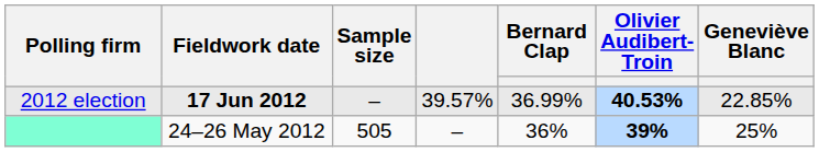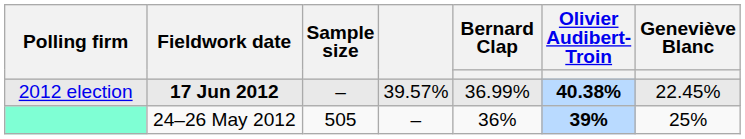 <table class="wikitable sortable" style="text-align:center;font-size:90%;line-height:14px;">
 <tr style="height:40px;">
 <th style="width:100px;" rowspan="2">Polling firm</th>
 <th style="width:110px;" rowspan="2">Fieldwork date</th>
 <th style="width:35px;" rowspan="2">Sample<br>size</th>
 <th style="width:30px;" rowspan="2"></th>
 <th class="unsortable" style="width:60px;">Bernard Clap<br></th>
 <th class="unsortable" style="width:60px;"><a href='#'>Olivier Audibert-Troin</a><br></th>
 <th class="unsortable" style="width:60px;">Geneviève Blanc<br></th>
 </tr>
 <tr>
 <th style="background:"></th>
 <th style="background:"></th>
 <th style="background:"></th>
 </tr>
 <tr style="background:#E9E9E9;">
 <td><a href='#'>2012 election</a></td>
 <td data-sort-value="2012-06-17"><strong>17 Jun 2012</strong></td>
 <td>–</td>
 <td>39.57%</td>
 <td>36.99%</td>
-<td style="background:#B9DAFF;"><strong>40.53%</strong></td>
-<td>22.85%</td>
+<td style="background:#B9DAFF;"><strong>40.38%</strong></td>
+<td>22.45%</td>
 </tr>
 <tr>
 <td style="background:aquamarine;"></td>
 <td data-sort-value="2012-05-26">24–26 May 2012</td>
 <td>505</td>
 <td>–</td>
 <td>36%</td>
 <td style="background:#B9DAFF;"><strong>39%</strong></td>
 <td>25%</td>
 </tr>
 </table>
